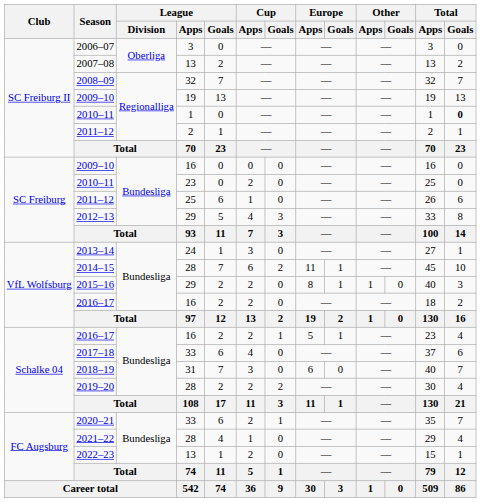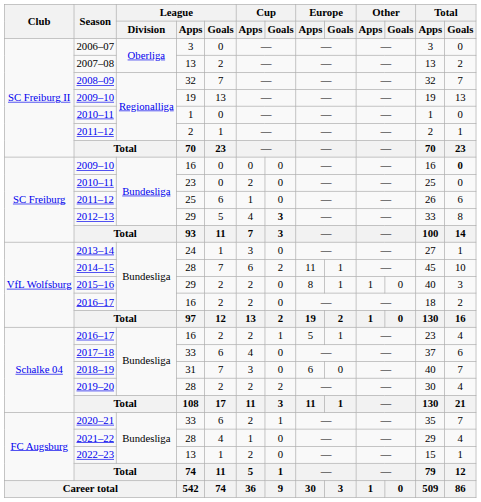 <table class="wikitable" style="text-align:center">
 <tr>
 <th rowspan="2">Club</th>
 <th rowspan="2">Season</th>
 <th colspan="3">League</th>
 <th colspan="2">Cup</th>
 <th colspan="2">Europe</th>
 <th colspan="2">Other</th>
 <th colspan="2">Total</th>
 </tr>
 <tr>
 <th>Division</th>
 <th>Apps</th>
 <th>Goals</th>
 <th>Apps</th>
 <th>Goals</th>
 <th>Apps</th>
 <th>Goals</th>
 <th>Apps</th>
 <th>Goals</th>
 <th>Apps</th>
 <th>Goals</th>
 </tr>
 <tr>
 <td rowspan="7"><a href='#'>SC Freiburg II</a></td>
 <td>2006–07</td>
 <td rowspan="2"><a href='#'>Oberliga</a></td>
 <td>3</td>
 <td>0</td>
 <td colspan="2">—</td>
 <td colspan="2">—</td>
 <td colspan="2">—</td>
 <td>3</td>
 <td>0</td>
 </tr>
 <tr>
 <td>2007–08</td>
 <td>13</td>
 <td>2</td>
 <td colspan="2">—</td>
 <td colspan="2">—</td>
 <td colspan="2">—</td>
 <td>13</td>
 <td>2</td>
 </tr>
 <tr>
 <td><a href='#'>2008–09</a></td>
 <td rowspan="4"><a href='#'>Regionalliga</a></td>
 <td>32</td>
 <td>7</td>
 <td colspan="2">—</td>
 <td colspan="2">—</td>
 <td colspan="2">—</td>
 <td>32</td>
 <td>7</td>
 </tr>
 <tr>
 <td><a href='#'>2009–10</a></td>
 <td>19</td>
 <td>13</td>
 <td colspan="2">—</td>
 <td colspan="2">—</td>
 <td colspan="2">—</td>
 <td>19</td>
 <td>13</td>
 </tr>
 <tr>
 <td><a href='#'>2010–11</a></td>
 <td>1</td>
 <td>0</td>
 <td colspan="2">—</td>
 <td colspan="2">—</td>
 <td colspan="2">—</td>
 <td>1</td>
-<td><strong>0</strong></td>
+<td>0</td>
 </tr>
 <tr>
 <td><a href='#'>2011–12</a></td>
 <td>2</td>
 <td>1</td>
 <td colspan="2">—</td>
 <td colspan="2">—</td>
 <td colspan="2">—</td>
 <td>2</td>
 <td>1</td>
 </tr>
 <tr>
 <th colspan="2">Total</th>
 <th>70</th>
 <th>23</th>
 <th colspan="2">—</th>
 <th colspan="2">—</th>
 <th colspan="2">—</th>
 <th>70</th>
 <th>23</th>
 </tr>
 <tr>
 <td rowspan="5"><a href='#'>SC Freiburg</a></td>
 <td><a href='#'>2009–10</a></td>
 <td rowspan="4"><a href='#'>Bundesliga</a></td>
 <td>16</td>
 <td>0</td>
 <td>0</td>
 <td>0</td>
 <td colspan="2">—</td>
 <td colspan="2">—</td>
 <td>16</td>
-<td>0</td>
+<td><strong>0</strong></td>
 </tr>
 <tr>
 <td><a href='#'>2010–11</a></td>
 <td>23</td>
 <td>0</td>
 <td>2</td>
 <td>0</td>
 <td colspan="2">—</td>
 <td colspan="2">—</td>
 <td>25</td>
 <td>0</td>
 </tr>
 <tr>
 <td><a href='#'>2011–12</a></td>
 <td>25</td>
 <td>6</td>
 <td>1</td>
 <td>0</td>
 <td colspan="2">—</td>
 <td colspan="2">—</td>
 <td>26</td>
 <td>6</td>
 </tr>
 <tr>
 <td><a href='#'>2012–13</a></td>
 <td>29</td>
 <td>5</td>
 <td>4</td>
-<td>3</td>
+<td><strong>3</strong></td>
 <td colspan="2">—</td>
 <td colspan="2">—</td>
 <td>33</td>
 <td>8</td>
 </tr>
 <tr>
 <th colspan="2">Total</th>
 <th>93</th>
 <th>11</th>
 <th>7</th>
 <th>3</th>
 <th colspan="2">—</th>
 <th colspan="2">—</th>
 <th>100</th>
 <th>14</th>
 </tr>
 <tr>
 <td rowspan="5"><a href='#'>VfL Wolfsburg</a></td>
 <td><a href='#'>2013–14</a></td>
 <td rowspan="4">Bundesliga</td>
 <td>24</td>
 <td>1</td>
 <td>3</td>
 <td>0</td>
 <td colspan="2">—</td>
 <td colspan="2">—</td>
 <td>27</td>
 <td>1</td>
 </tr>
 <tr>
 <td><a href='#'>2014–15</a></td>
 <td>28</td>
 <td>7</td>
 <td>6</td>
 <td>2</td>
 <td>11</td>
 <td>1</td>
 <td colspan="2">—</td>
 <td>45</td>
 <td>10</td>
 </tr>
 <tr>
 <td><a href='#'>2015–16</a></td>
 <td>29</td>
 <td>2</td>
 <td>2</td>
 <td>0</td>
 <td>8</td>
 <td>1</td>
 <td>1</td>
 <td>0</td>
 <td>40</td>
 <td>3</td>
 </tr>
 <tr>
 <td><a href='#'>2016–17</a></td>
 <td>16</td>
 <td>2</td>
 <td>2</td>
 <td>0</td>
 <td colspan="2">—</td>
 <td colspan="2">—</td>
 <td>18</td>
 <td>2</td>
 </tr>
 <tr>
 <th colspan="2">Total</th>
 <th>97</th>
 <th>12</th>
 <th>13</th>
 <th>2</th>
 <th>19</th>
 <th>2</th>
 <th>1</th>
 <th>0</th>
 <th>130</th>
 <th>16</th>
 </tr>
 <tr>
 <td rowspan="5"><a href='#'>Schalke 04</a></td>
 <td><a href='#'>2016–17</a></td>
 <td rowspan="4">Bundesliga</td>
 <td>16</td>
 <td>2</td>
 <td>2</td>
 <td>1</td>
 <td>5</td>
 <td>1</td>
 <td colspan="2">—</td>
 <td>23</td>
 <td>4</td>
 </tr>
 <tr>
 <td><a href='#'>2017–18</a></td>
 <td>33</td>
 <td>6</td>
 <td>4</td>
 <td>0</td>
 <td colspan="2">—</td>
 <td colspan="2">—</td>
 <td>37</td>
 <td>6</td>
 </tr>
 <tr>
 <td><a href='#'>2018–19</a></td>
 <td>31</td>
 <td>7</td>
 <td>3</td>
 <td>0</td>
 <td>6</td>
 <td>0</td>
 <td colspan="2">—</td>
 <td>40</td>
 <td>7</td>
 </tr>
 <tr>
 <td><a href='#'>2019–20</a></td>
 <td>28</td>
 <td>2</td>
 <td>2</td>
 <td>2</td>
 <td colspan="2">—</td>
 <td colspan="2">—</td>
 <td>30</td>
 <td>4</td>
 </tr>
 <tr>
 <th colspan="2">Total</th>
 <th>108</th>
 <th>17</th>
 <th>11</th>
 <th>3</th>
 <th>11</th>
 <th>1</th>
 <th colspan="2">—</th>
 <th>130</th>
 <th>21</th>
 </tr>
 <tr>
 <td rowspan="4"><a href='#'>FC Augsburg</a></td>
 <td><a href='#'>2020–21</a></td>
 <td rowspan="3">Bundesliga</td>
 <td>33</td>
 <td>6</td>
 <td>2</td>
 <td>1</td>
 <td colspan="2">—</td>
 <td colspan="2">—</td>
 <td>35</td>
 <td>7</td>
 </tr>
 <tr>
 <td><a href='#'>2021–22</a></td>
 <td>28</td>
 <td>4</td>
 <td>1</td>
 <td>0</td>
 <td colspan="2">—</td>
 <td colspan="2">—</td>
 <td>29</td>
 <td>4</td>
 </tr>
 <tr>
 <td><a href='#'>2022–23</a></td>
 <td>13</td>
 <td>1</td>
 <td>2</td>
 <td>0</td>
 <td colspan="2">—</td>
 <td colspan="2">—</td>
 <td>15</td>
 <td>1</td>
 </tr>
 <tr>
 <th colspan="2">Total</th>
 <th>74</th>
 <th>11</th>
 <th>5</th>
 <th>1</th>
 <th colspan="2">—</th>
 <th colspan="2">—</th>
 <th>79</th>
 <th>12</th>
 </tr>
 <tr>
 <th colspan="3">Career total</th>
 <th>542</th>
 <th>74</th>
 <th>36</th>
 <th>9</th>
 <th>30</th>
 <th>3</th>
 <th>1</th>
 <th>0</th>
 <th>509</th>
 <th>86</th>
 </tr>
 </table>
